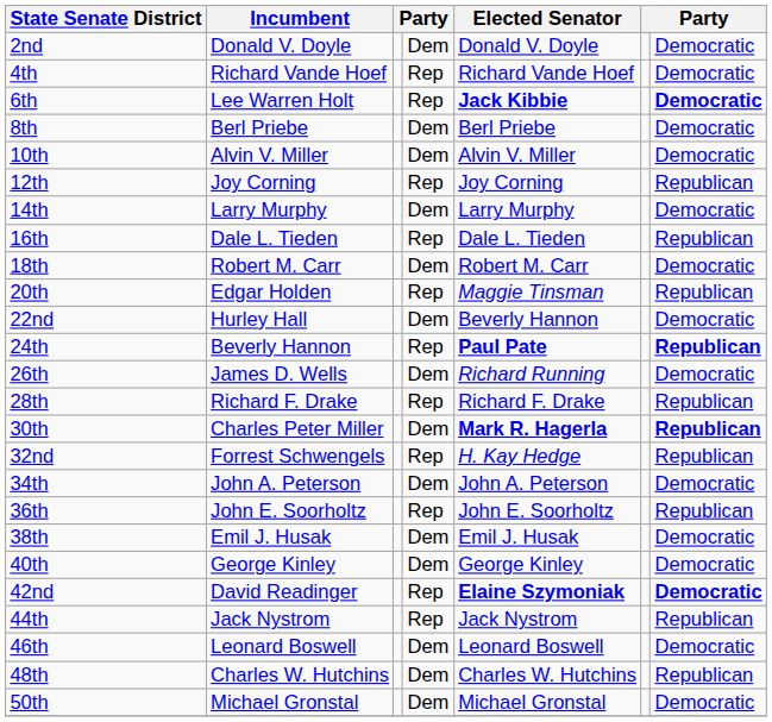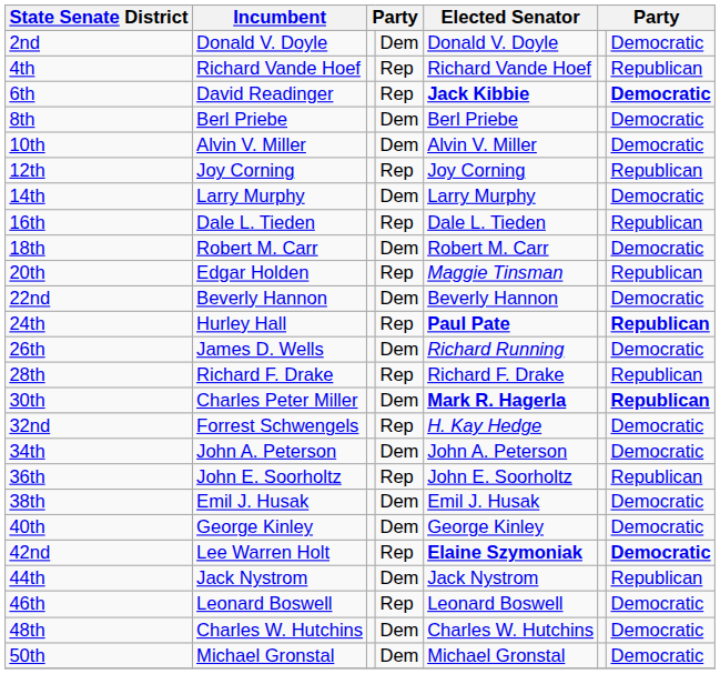 <table class="sortable wikitable" style="font-size:95%;line-height:14px;">
 <tr>
 <th class="unsortable"><a href='#'>State Senate</a> District</th>
 <th class="unsortable"><a href='#'>Incumbent</a></th>
 <th colspan="2">Party</th>
 <th class="unsortable">Elected Senator</th>
 <th colspan="2">Party</th>
 </tr>
 <tr>
 <td><a href='#'>2nd</a></td>
 <td><a href='#'>Donald V. Doyle</a></td>
 <td style="background:"></td>
 <td>Dem</td>
 <td><a href='#'>Donald V. Doyle</a></td>
 <td style="background:"></td>
 <td><a href='#'>Democratic</a></td>
 </tr>
 <tr>
 <td><a href='#'>4th</a></td>
 <td><a href='#'>Richard Vande Hoef</a></td>
 <td style="background:"></td>
 <td>Rep</td>
 <td><a href='#'>Richard Vande Hoef</a></td>
 <td style="background:"></td>
-<td><a href='#'>Democratic</a></td>
+<td><a href='#'>Republican</a></td>
 </tr>
 <tr>
 <td><a href='#'>6th</a></td>
-<td><a href='#'>Lee Warren Holt</a></td>
+<td><a href='#'>David Readinger</a></td>
 <td style="background:"></td>
 <td>Rep</td>
 <td><strong><a href='#'>Jack Kibbie</a></strong></td>
 <td style="background:"></td>
 <td><strong><a href='#'>Democratic</a></strong></td>
 </tr>
 <tr>
 <td><a href='#'>8th</a></td>
 <td><a href='#'>Berl Priebe</a></td>
 <td style="background:"></td>
 <td>Dem</td>
 <td><a href='#'>Berl Priebe</a></td>
 <td style="background:"></td>
 <td><a href='#'>Democratic</a></td>
 </tr>
 <tr>
 <td><a href='#'>10th</a></td>
 <td><a href='#'>Alvin V. Miller</a></td>
 <td style="background:"></td>
 <td>Dem</td>
 <td><a href='#'>Alvin V. Miller</a></td>
 <td style="background:"></td>
 <td><a href='#'>Democratic</a></td>
 </tr>
 <tr>
 <td><a href='#'>12th</a></td>
 <td><a href='#'>Joy Corning</a></td>
 <td style="background:"></td>
 <td>Rep</td>
 <td><a href='#'>Joy Corning</a></td>
 <td style="background:"></td>
 <td><a href='#'>Republican</a></td>
 </tr>
 <tr>
 <td><a href='#'>14th</a></td>
 <td><a href='#'>Larry Murphy</a></td>
 <td style="background:"></td>
 <td>Dem</td>
 <td><a href='#'>Larry Murphy</a></td>
 <td style="background:"></td>
 <td><a href='#'>Democratic</a></td>
 </tr>
 <tr>
 <td><a href='#'>16th</a></td>
 <td><a href='#'>Dale L. Tieden</a></td>
 <td style="background:"></td>
 <td>Rep</td>
 <td><a href='#'>Dale L. Tieden</a></td>
 <td style="background:"></td>
 <td><a href='#'>Republican</a></td>
 </tr>
 <tr>
 <td><a href='#'>18th</a></td>
 <td><a href='#'>Robert M. Carr</a></td>
 <td style="background:"></td>
 <td>Dem</td>
 <td><a href='#'>Robert M. Carr</a></td>
 <td style="background:"></td>
 <td><a href='#'>Democratic</a></td>
 </tr>
 <tr>
 <td><a href='#'>20th</a></td>
 <td><a href='#'>Edgar Holden</a></td>
 <td style="background:"></td>
 <td>Rep</td>
 <td><em><a href='#'>Maggie Tinsman</a></em></td>
 <td style="background:"></td>
 <td><a href='#'>Republican</a></td>
 </tr>
 <tr>
 <td><a href='#'>22nd</a></td>
-<td><a href='#'>Hurley Hall</a></td>
+<td><a href='#'>Beverly Hannon</a></td>
 <td style="background:"></td>
 <td>Dem</td>
 <td><a href='#'>Beverly Hannon</a></td>
 <td style="background:"></td>
 <td><a href='#'>Democratic</a></td>
 </tr>
 <tr>
 <td><a href='#'>24th</a></td>
-<td><a href='#'>Beverly Hannon</a></td>
+<td><a href='#'>Hurley Hall</a></td>
 <td style="background:"></td>
 <td>Rep</td>
 <td><strong><a href='#'>Paul Pate</a></strong></td>
 <td style="background:"></td>
 <td><strong><a href='#'>Republican</a></strong></td>
 </tr>
 <tr>
 <td><a href='#'>26th</a></td>
 <td><a href='#'>James D. Wells</a></td>
 <td style="background:"></td>
 <td>Dem</td>
 <td><em><a href='#'>Richard Running</a></em></td>
 <td style="background:"></td>
 <td><a href='#'>Democratic</a></td>
 </tr>
 <tr>
 <td><a href='#'>28th</a></td>
 <td><a href='#'>Richard F. Drake</a></td>
 <td style="background:"></td>
 <td>Rep</td>
 <td><a href='#'>Richard F. Drake</a></td>
 <td style="background:"></td>
 <td><a href='#'>Republican</a></td>
 </tr>
 <tr>
 <td><a href='#'>30th</a></td>
 <td><a href='#'>Charles Peter Miller</a></td>
 <td style="background:"></td>
 <td>Dem</td>
 <td><strong><a href='#'>Mark R. Hagerla</a></strong></td>
 <td style="background:"></td>
 <td><strong><a href='#'>Republican</a></strong></td>
 </tr>
 <tr>
 <td><a href='#'>32nd</a></td>
 <td><a href='#'>Forrest Schwengels</a></td>
 <td style="background:"></td>
 <td>Rep</td>
 <td><em><a href='#'>H. Kay Hedge</a></em></td>
 <td style="background:"></td>
-<td><a href='#'>Republican</a></td>
+<td><a href='#'>Democratic</a></td>
 </tr>
 <tr>
 <td><a href='#'>34th</a></td>
 <td><a href='#'>John A. Peterson</a></td>
 <td style="background:"></td>
 <td>Dem</td>
 <td><a href='#'>John A. Peterson</a></td>
 <td style="background:"></td>
 <td><a href='#'>Democratic</a></td>
 </tr>
 <tr>
 <td><a href='#'>36th</a></td>
 <td><a href='#'>John E. Soorholtz</a></td>
 <td style="background:"></td>
 <td>Rep</td>
 <td><a href='#'>John E. Soorholtz</a></td>
 <td style="background:"></td>
 <td><a href='#'>Republican</a></td>
 </tr>
 <tr>
 <td><a href='#'>38th</a></td>
 <td><a href='#'>Emil J. Husak</a></td>
 <td style="background:"></td>
 <td>Dem</td>
 <td><a href='#'>Emil J. Husak</a></td>
 <td style="background:"></td>
 <td><a href='#'>Democratic</a></td>
 </tr>
 <tr>
 <td><a href='#'>40th</a></td>
 <td><a href='#'>George Kinley</a></td>
 <td style="background:"></td>
 <td>Dem</td>
 <td><a href='#'>George Kinley</a></td>
 <td style="background:"></td>
 <td><a href='#'>Democratic</a></td>
 </tr>
 <tr>
 <td><a href='#'>42nd</a></td>
-<td><a href='#'>David Readinger</a></td>
+<td><a href='#'>Lee Warren Holt</a></td>
 <td style="background:"></td>
 <td>Rep</td>
 <td><strong><a href='#'>Elaine Szymoniak</a></strong></td>
 <td style="background:"></td>
 <td><strong><a href='#'>Democratic</a></strong></td>
 </tr>
 <tr>
 <td><a href='#'>44th</a></td>
 <td><a href='#'>Jack Nystrom</a></td>
 <td style="background:"></td>
-<td>Rep</td>
+<td>Dem</td>
 <td><a href='#'>Jack Nystrom</a></td>
 <td style="background:"></td>
 <td><a href='#'>Republican</a></td>
 </tr>
 <tr>
 <td><a href='#'>46th</a></td>
 <td><a href='#'>Leonard Boswell</a></td>
 <td style="background:"></td>
-<td>Dem</td>
+<td>Rep</td>
 <td><a href='#'>Leonard Boswell</a></td>
 <td style="background:"></td>
 <td><a href='#'>Democratic</a></td>
 </tr>
 <tr>
 <td><a href='#'>48th</a></td>
 <td><a href='#'>Charles W. Hutchins</a></td>
 <td style="background:"></td>
 <td>Dem</td>
 <td><a href='#'>Charles W. Hutchins</a></td>
 <td style="background:"></td>
-<td><a href='#'>Republican</a></td>
+<td><a href='#'>Democratic</a></td>
 </tr>
 <tr>
 <td><a href='#'>50th</a></td>
 <td><a href='#'>Michael Gronstal</a></td>
 <td style="background:"></td>
 <td>Dem</td>
 <td><a href='#'>Michael Gronstal</a></td>
 <td style="background:"></td>
 <td><a href='#'>Democratic</a></td>
 </tr>
 <tr>
 </tr>
 </table>
